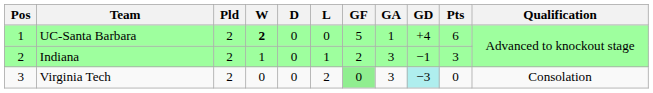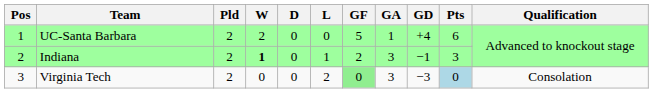 <table class="wikitable" style="text-align:center; margin: 1em auto">
 <tr>
 <th style="width:2em">Pos</th>
 <th style="width:13em">Team</th>
 <th style="width:2em">Pld</th>
 <th style="width:2em">W</th>
 <th style="width:2em">D</th>
 <th style="width:2em">L</th>
 <th style="width:2em">GF</th>
 <th style="width:2em">GA</th>
 <th style="width:2em">GD</th>
 <th style="width:2em">Pts</th>
 <th style="width:13em">Qualification</th>
 </tr>
 <tr bgcolor="#9eff9e">
 <td>1</td>
 <td style="text-align:left">UC-Santa Barbara</td>
 <td>2</td>
-<td><strong>2</strong></td>
+<td>2</td>
 <td>0</td>
 <td>0</td>
 <td>5</td>
 <td>1</td>
 <td>+4</td>
 <td>6</td>
 <td rowspan="2">Advanced to knockout stage</td>
 </tr>
 <tr bgcolor="#9eff9e">
 <td>2</td>
 <td style="text-align:left">Indiana</td>
 <td>2</td>
-<td>1</td>
+<td><strong>1</strong></td>
 <td>0</td>
 <td>1</td>
 <td>2</td>
 <td>3</td>
 <td>−1</td>
 <td>3</td>
 </tr>
 <tr>
 <td>3</td>
 <td style="text-align:left">Virginia Tech</td>
 <td>2</td>
 <td>0</td>
 <td>0</td>
 <td>2</td>
 <td style="background: lightgreen;">0</td>
 <td>3</td>
-<td style="background: paleturquoise;">−3</td>
-<td>0</td>
+<td>−3</td>
+<td style="background: lightblue;">0</td>
 <td>Consolation</td>
 </tr>
 </table>
